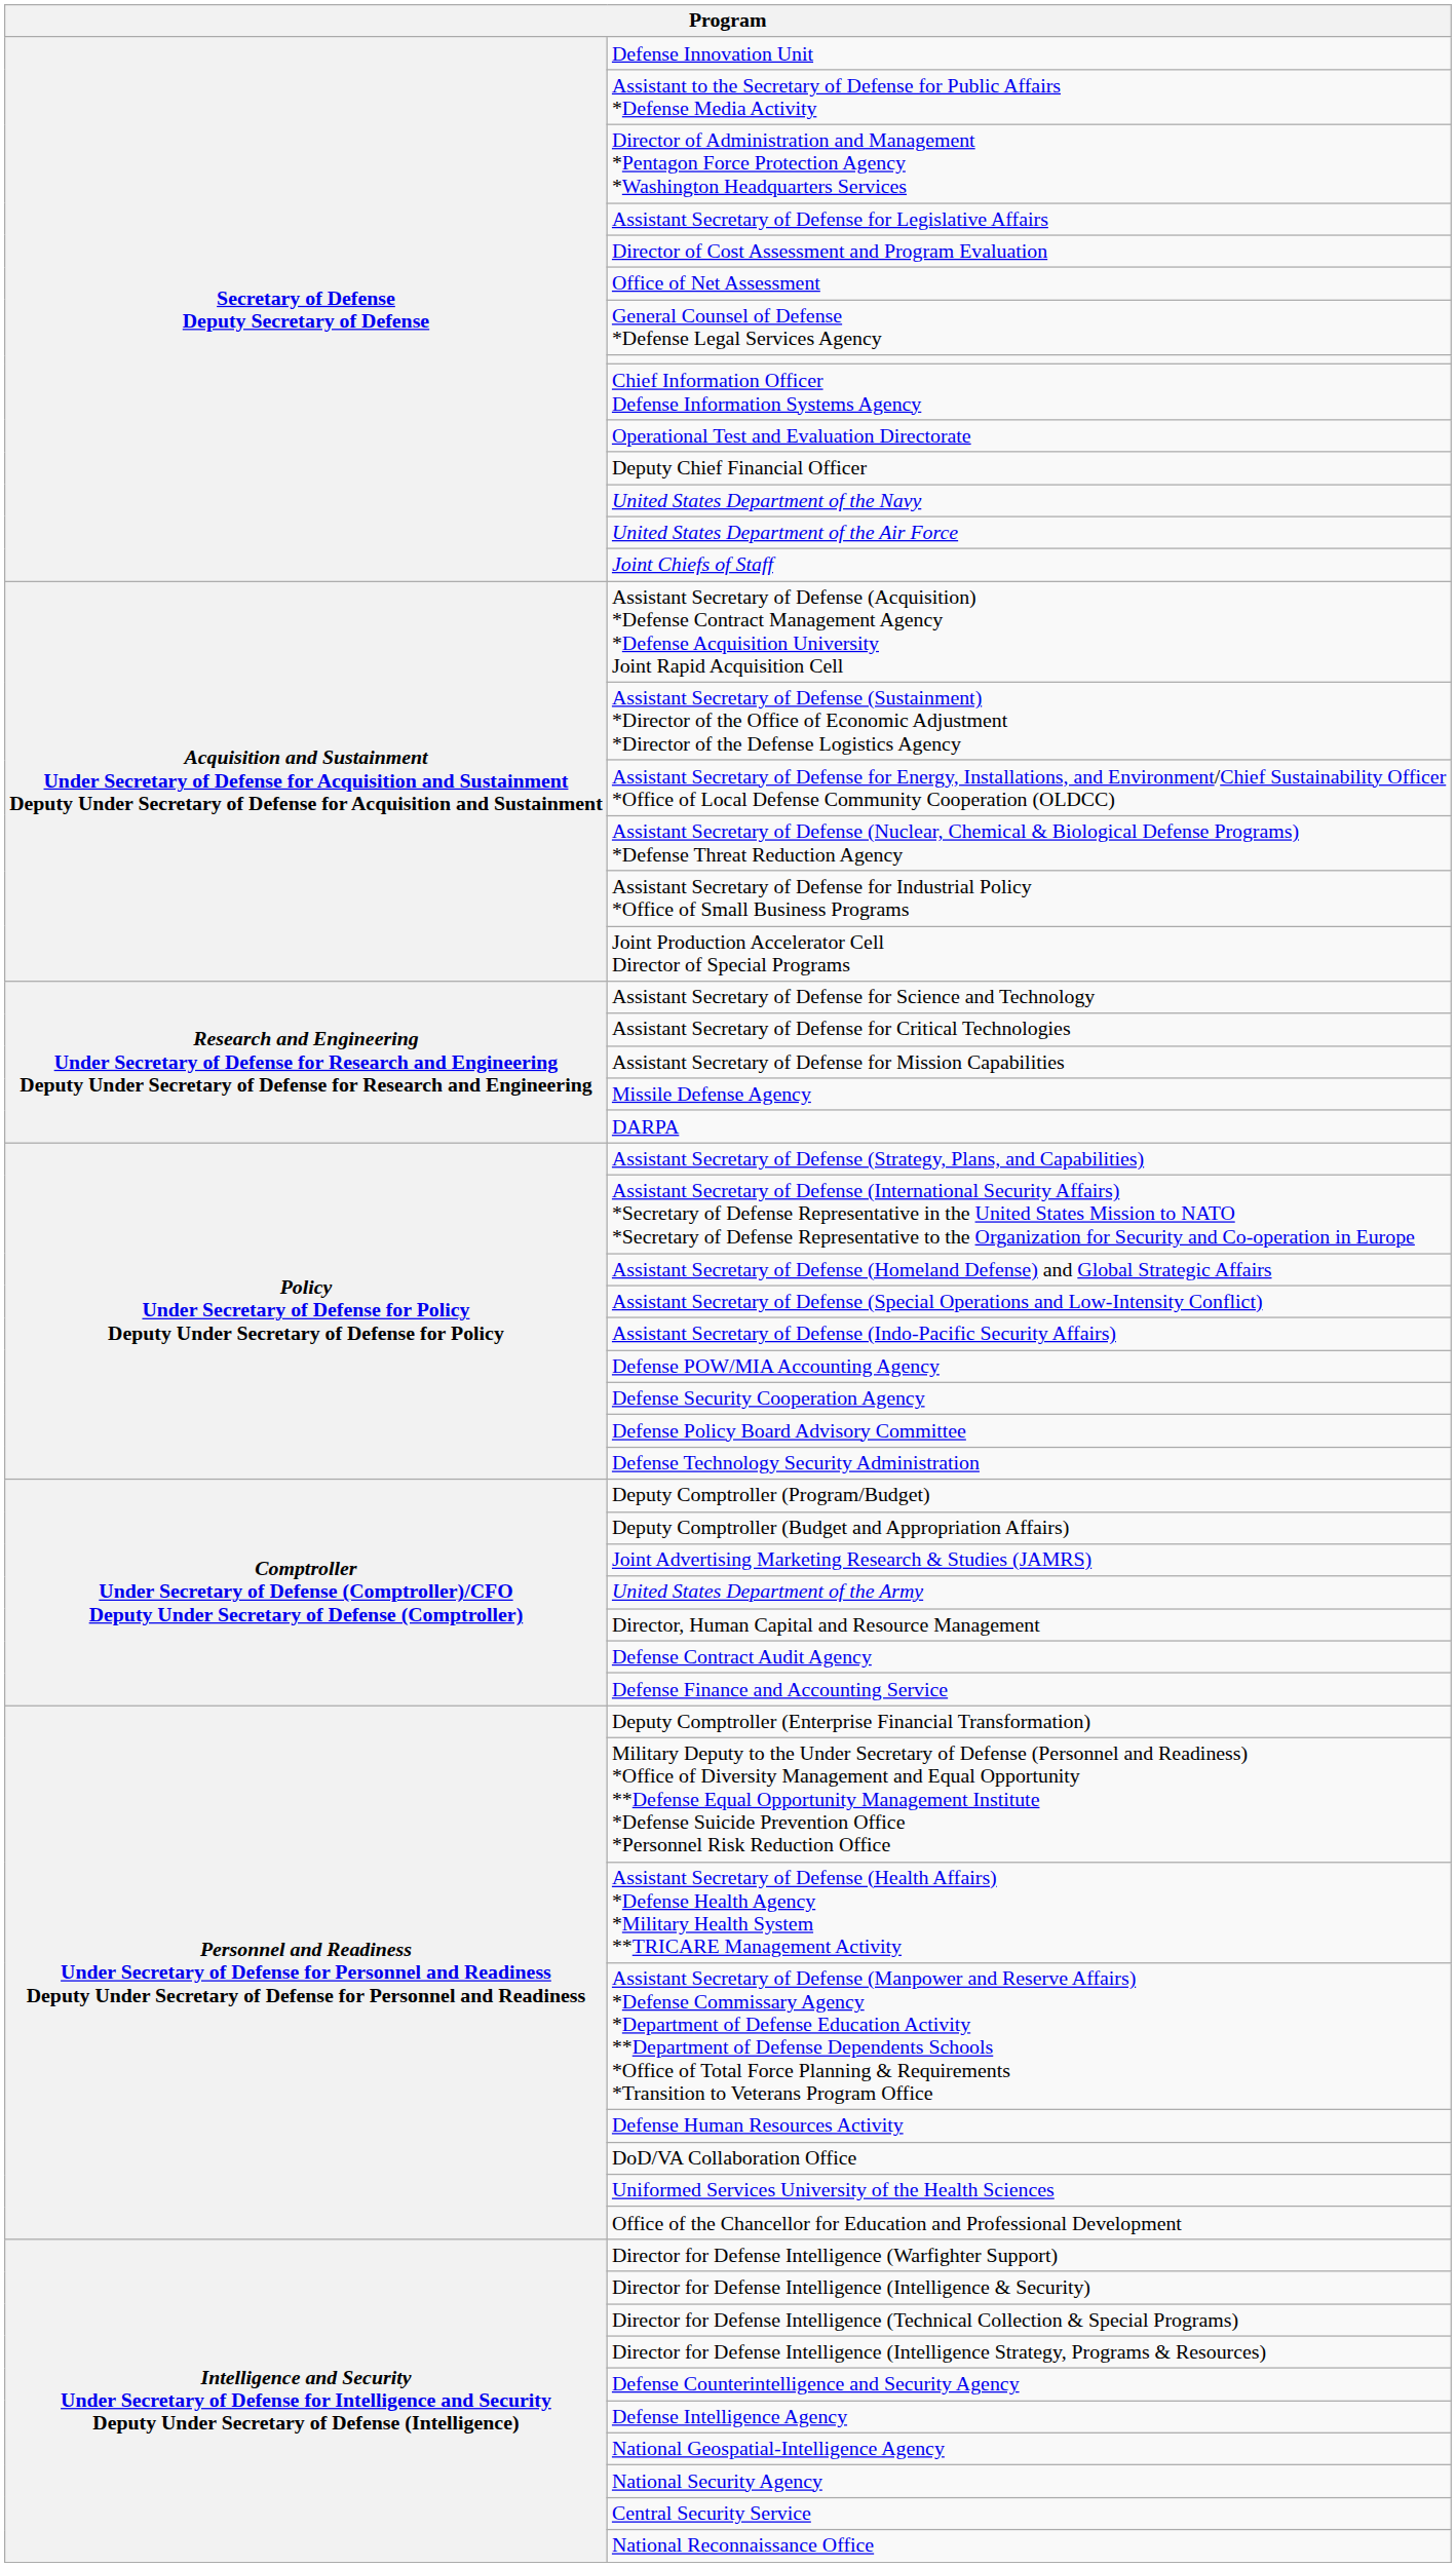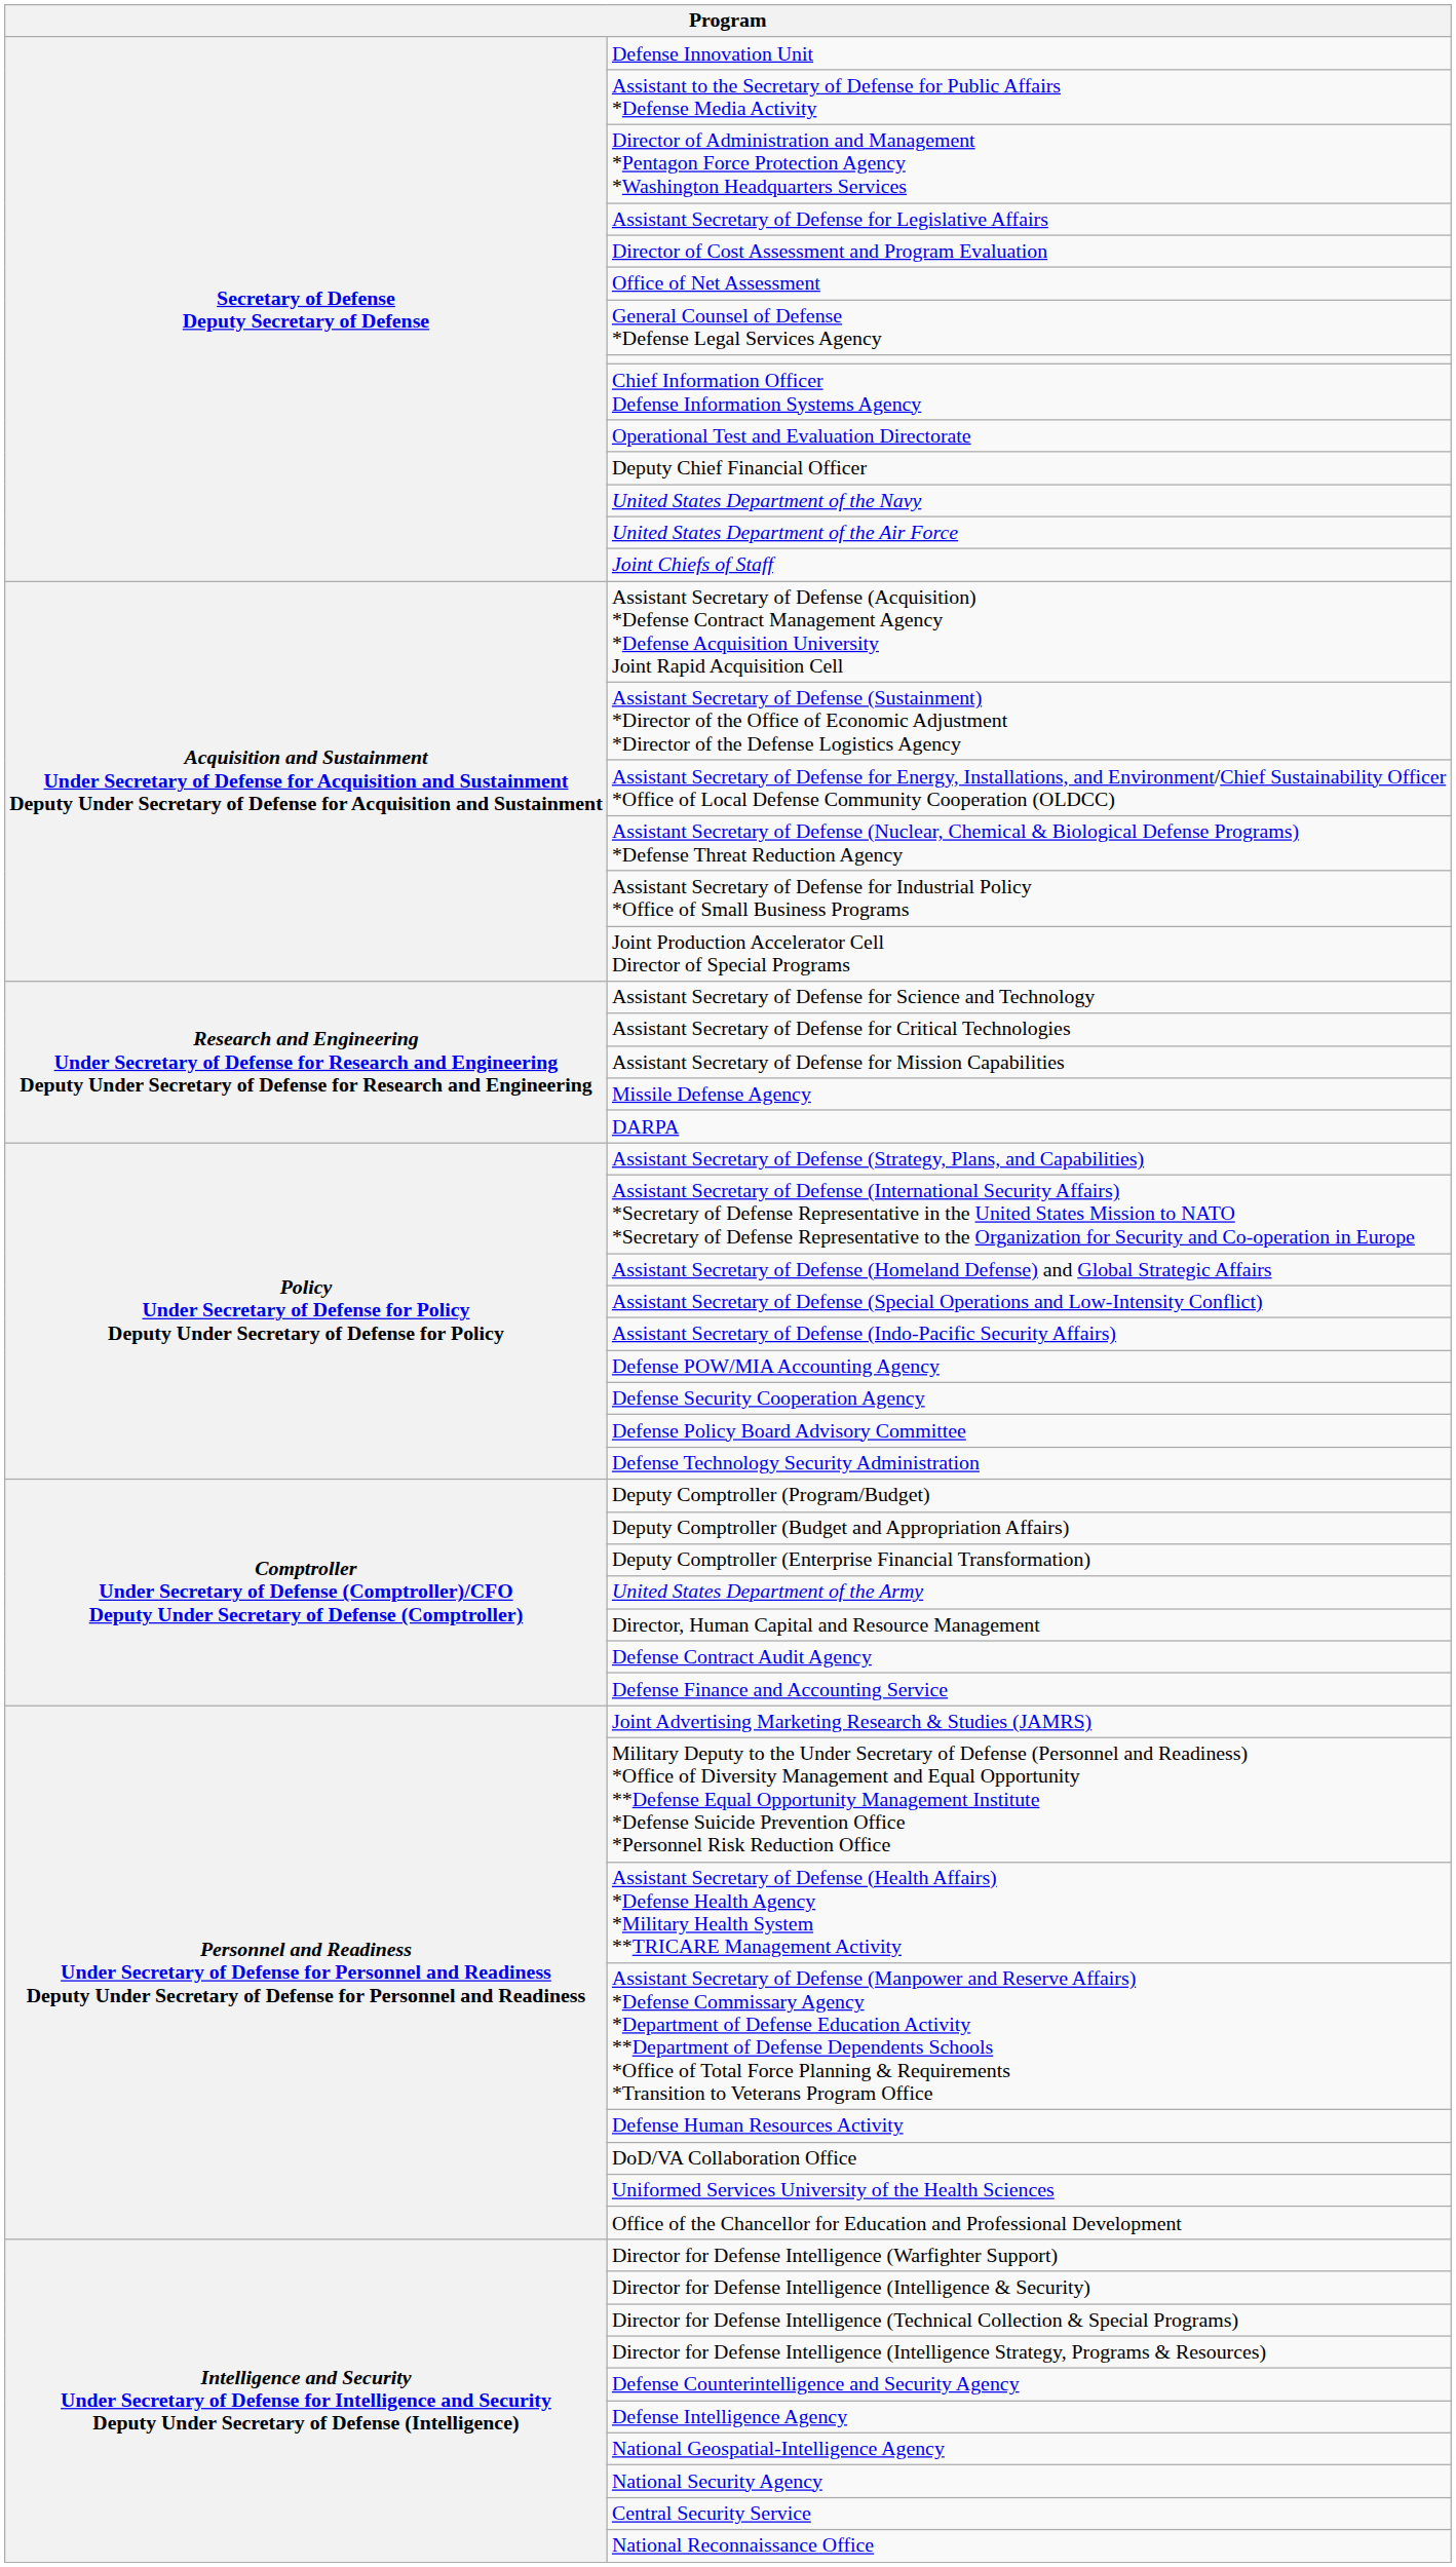 <table class="wikitable sortable">
 <tr>
 <th scope="col" colspan="2">Program</th>
 </tr>
 <tr>
 <th rowspan="14" scope="row"><a href='#'>Secretary of Defense</a><br><a href='#'>Deputy Secretary of Defense</a></th>
 <td><a href='#'>Defense Innovation Unit</a></td>
 </tr>
 <tr>
 <td><a href='#'>Assistant to the Secretary of Defense for Public Affairs</a><br>*<a href='#'>Defense Media Activity</a></td>
 </tr>
 <tr>
 <td><a href='#'>Director of Administration and Management</a><br>*<a href='#'>Pentagon Force Protection Agency</a><br>*<a href='#'>Washington Headquarters Services</a></td>
 </tr>
 <tr>
 <td><a href='#'>Assistant Secretary of Defense for Legislative Affairs</a></td>
 </tr>
 <tr>
 <td><a href='#'>Director of Cost Assessment and Program Evaluation</a></td>
 </tr>
 <tr>
 <td><a href='#'>Office of Net Assessment</a></td>
 </tr>
 <tr>
 <td><a href='#'>General Counsel of Defense</a><br>*Defense Legal Services Agency</td>
 </tr>
 <tr>
 <td></td>
 </tr>
 <tr>
 <td><a href='#'>Chief Information Officer</a><br><a href='#'>Defense Information Systems Agency</a></td>
 </tr>
 <tr>
 <td><a href='#'>Operational Test and Evaluation Directorate</a></td>
 </tr>
 <tr>
 <td>Deputy Chief Financial Officer</td>
 </tr>
 <tr>
 <td><em><a href='#'>United States Department of the Navy</a></em></td>
 </tr>
 <tr>
 <td><em><a href='#'>United States Department of the Air Force</a></em></td>
 </tr>
 <tr>
 <td><em><a href='#'>Joint Chiefs of Staff</a></em></td>
 </tr>
 <tr>
 <th rowspan="6" scope="row"><em>Acquisition and Sustainment</em><br><a href='#'>Under Secretary of Defense for Acquisition and Sustainment</a><br>Deputy Under Secretary of Defense for Acquisition and Sustainment</th>
 <td>Assistant Secretary of Defense (Acquisition)<br>*Defense Contract Management Agency<br>*<a href='#'>Defense Acquisition University</a><br>Joint Rapid Acquisition Cell</td>
 </tr>
 <tr>
 <td><a href='#'>Assistant Secretary of Defense (Sustainment)</a><br>*Director of the Office of Economic Adjustment<br>*Director of the Defense Logistics Agency</td>
 </tr>
 <tr>
 <td><a href='#'>Assistant Secretary of Defense for Energy, Installations, and Environment</a>/<a href='#'>Chief Sustainability Officer</a><br>*Office of Local Defense Community Cooperation (OLDCC)</td>
 </tr>
 <tr>
 <td><a href='#'>Assistant Secretary of Defense (Nuclear, Chemical & Biological Defense Programs)</a><br>*Defense Threat Reduction Agency</td>
 </tr>
 <tr>
 <td>Assistant Secretary of Defense for Industrial Policy<br>*Office of Small Business Programs</td>
 </tr>
 <tr>
 <td>Joint Production Accelerator Cell<br>Director of Special Programs</td>
 </tr>
 <tr>
 <th rowspan="5"><em>Research and Engineering</em><br><a href='#'>Under Secretary of Defense for Research and Engineering</a><br>Deputy Under Secretary of Defense for Research and Engineering</th>
 <td>Assistant Secretary of Defense for Science and Technology</td>
 </tr>
 <tr>
 <td>Assistant Secretary of Defense for Critical Technologies</td>
 </tr>
 <tr>
 <td>Assistant Secretary of Defense for Mission Capabilities</td>
 </tr>
 <tr>
 <td><a href='#'>Missile Defense Agency</a></td>
 </tr>
 <tr>
 <td><a href='#'>DARPA</a></td>
 </tr>
 <tr>
 <th rowspan="9" scope="row"><em>Policy</em><br><a href='#'>Under Secretary of Defense for Policy</a><br>Deputy Under Secretary of Defense for Policy</th>
 <td><a href='#'>Assistant Secretary of Defense (Strategy, Plans, and Capabilities)</a></td>
 </tr>
 <tr>
 <td><a href='#'>Assistant Secretary of Defense (International Security Affairs)</a><br>*Secretary of Defense Representative in the <a href='#'>United States Mission to NATO</a><br>*Secretary of Defense Representative to the <a href='#'>Organization for Security and Co-operation in Europe</a></td>
 </tr>
 <tr>
 <td><a href='#'>Assistant Secretary of Defense (Homeland Defense)</a> and <a href='#'>Global Strategic Affairs</a></td>
 </tr>
 <tr>
 <td><a href='#'>Assistant Secretary of Defense (Special Operations and Low-Intensity Conflict)</a></td>
 </tr>
 <tr>
 <td><a href='#'>Assistant Secretary of Defense (Indo-Pacific Security Affairs)</a></td>
 </tr>
 <tr>
 <td><a href='#'>Defense POW/MIA Accounting Agency</a></td>
 </tr>
 <tr>
 <td><a href='#'>Defense Security Cooperation Agency</a></td>
 </tr>
 <tr>
 <td><a href='#'>Defense Policy Board Advisory Committee</a></td>
 </tr>
 <tr>
 <td><a href='#'>Defense Technology Security Administration</a></td>
 </tr>
 <tr>
 <th rowspan="7"><em>Comptroller</em><br><a href='#'>Under Secretary of Defense (Comptroller)/CFO</a><br><a href='#'>Deputy Under Secretary of Defense (Comptroller)</a></th>
 <td>Deputy Comptroller (Program/Budget)</td>
 </tr>
 <tr>
 <td>Deputy Comptroller (Budget and Appropriation Affairs)</td>
 </tr>
 <tr>
-<td><a href='#'>Joint Advertising Marketing Research & Studies (JAMRS)</a></td>
+<td>Deputy Comptroller (Enterprise Financial Transformation)</td>
 </tr>
 <tr>
 <td><em><a href='#'>United States Department of the Army</a></em></td>
 </tr>
 <tr>
 <td>Director, Human Capital and Resource Management</td>
 </tr>
 <tr>
 <td><a href='#'>Defense Contract Audit Agency</a></td>
 </tr>
 <tr>
 <td><a href='#'>Defense Finance and Accounting Service</a></td>
 </tr>
 <tr>
 <th scope="row" rowspan="8"><em>Personnel and Readiness</em><br><a href='#'>Under Secretary of Defense for Personnel and Readiness</a><br>Deputy Under Secretary of Defense for Personnel and Readiness</th>
-<td>Deputy Comptroller (Enterprise Financial Transformation)</td>
+<td><a href='#'>Joint Advertising Marketing Research & Studies (JAMRS)</a></td>
 </tr>
 <tr>
 <td>Military Deputy to the Under Secretary of Defense (Personnel and Readiness)<br>*Office of Diversity Management and Equal Opportunity<br>**<a href='#'>Defense Equal Opportunity Management Institute</a><br>*Defense Suicide Prevention Office<br>*Personnel Risk Reduction Office</td>
 </tr>
 <tr>
 <td><a href='#'>Assistant Secretary of Defense (Health Affairs)</a><br>*<a href='#'>Defense Health Agency</a><br>*<a href='#'>Military Health System</a><br>**<a href='#'>TRICARE Management Activity</a></td>
 </tr>
 <tr>
 <td><a href='#'>Assistant Secretary of Defense (Manpower and Reserve Affairs)</a><br>*<a href='#'>Defense Commissary Agency</a><br>*<a href='#'>Department of Defense Education Activity</a><br>**<a href='#'>Department of Defense Dependents Schools</a><br>*Office of Total Force Planning & Requirements<br>*Transition to Veterans Program Office</td>
 </tr>
 <tr>
 <td><a href='#'>Defense Human Resources Activity</a></td>
 </tr>
 <tr>
 <td>DoD/VA Collaboration Office</td>
 </tr>
 <tr>
 <td><a href='#'>Uniformed Services University of the Health Sciences</a></td>
 </tr>
 <tr>
 <td>Office of the Chancellor for Education and Professional Development</td>
 </tr>
 <tr>
 <th rowspan="10"><em>Intelligence and Security</em><br><a href='#'>Under Secretary of Defense for Intelligence and Security</a><br>Deputy Under Secretary of Defense (Intelligence)</th>
 <td>Director for Defense Intelligence (Warfighter Support)</td>
 </tr>
 <tr>
 <td>Director for Defense Intelligence (Intelligence & Security)</td>
 </tr>
 <tr>
 <td>Director for Defense Intelligence (Technical Collection & Special Programs)</td>
 </tr>
 <tr>
 <td>Director for Defense Intelligence (Intelligence Strategy, Programs & Resources)</td>
 </tr>
 <tr>
 <td><a href='#'>Defense Counterintelligence and Security Agency</a></td>
 </tr>
 <tr>
 <td><a href='#'>Defense Intelligence Agency</a></td>
 </tr>
 <tr>
 <td><a href='#'>National Geospatial-Intelligence Agency</a></td>
 </tr>
 <tr>
 <td><a href='#'>National Security Agency</a></td>
 </tr>
 <tr>
 <td><a href='#'>Central Security Service</a></td>
 </tr>
 <tr>
 <td><a href='#'>National Reconnaissance Office</a></td>
 </tr>
 <tr>
 </tr>
 </table>
